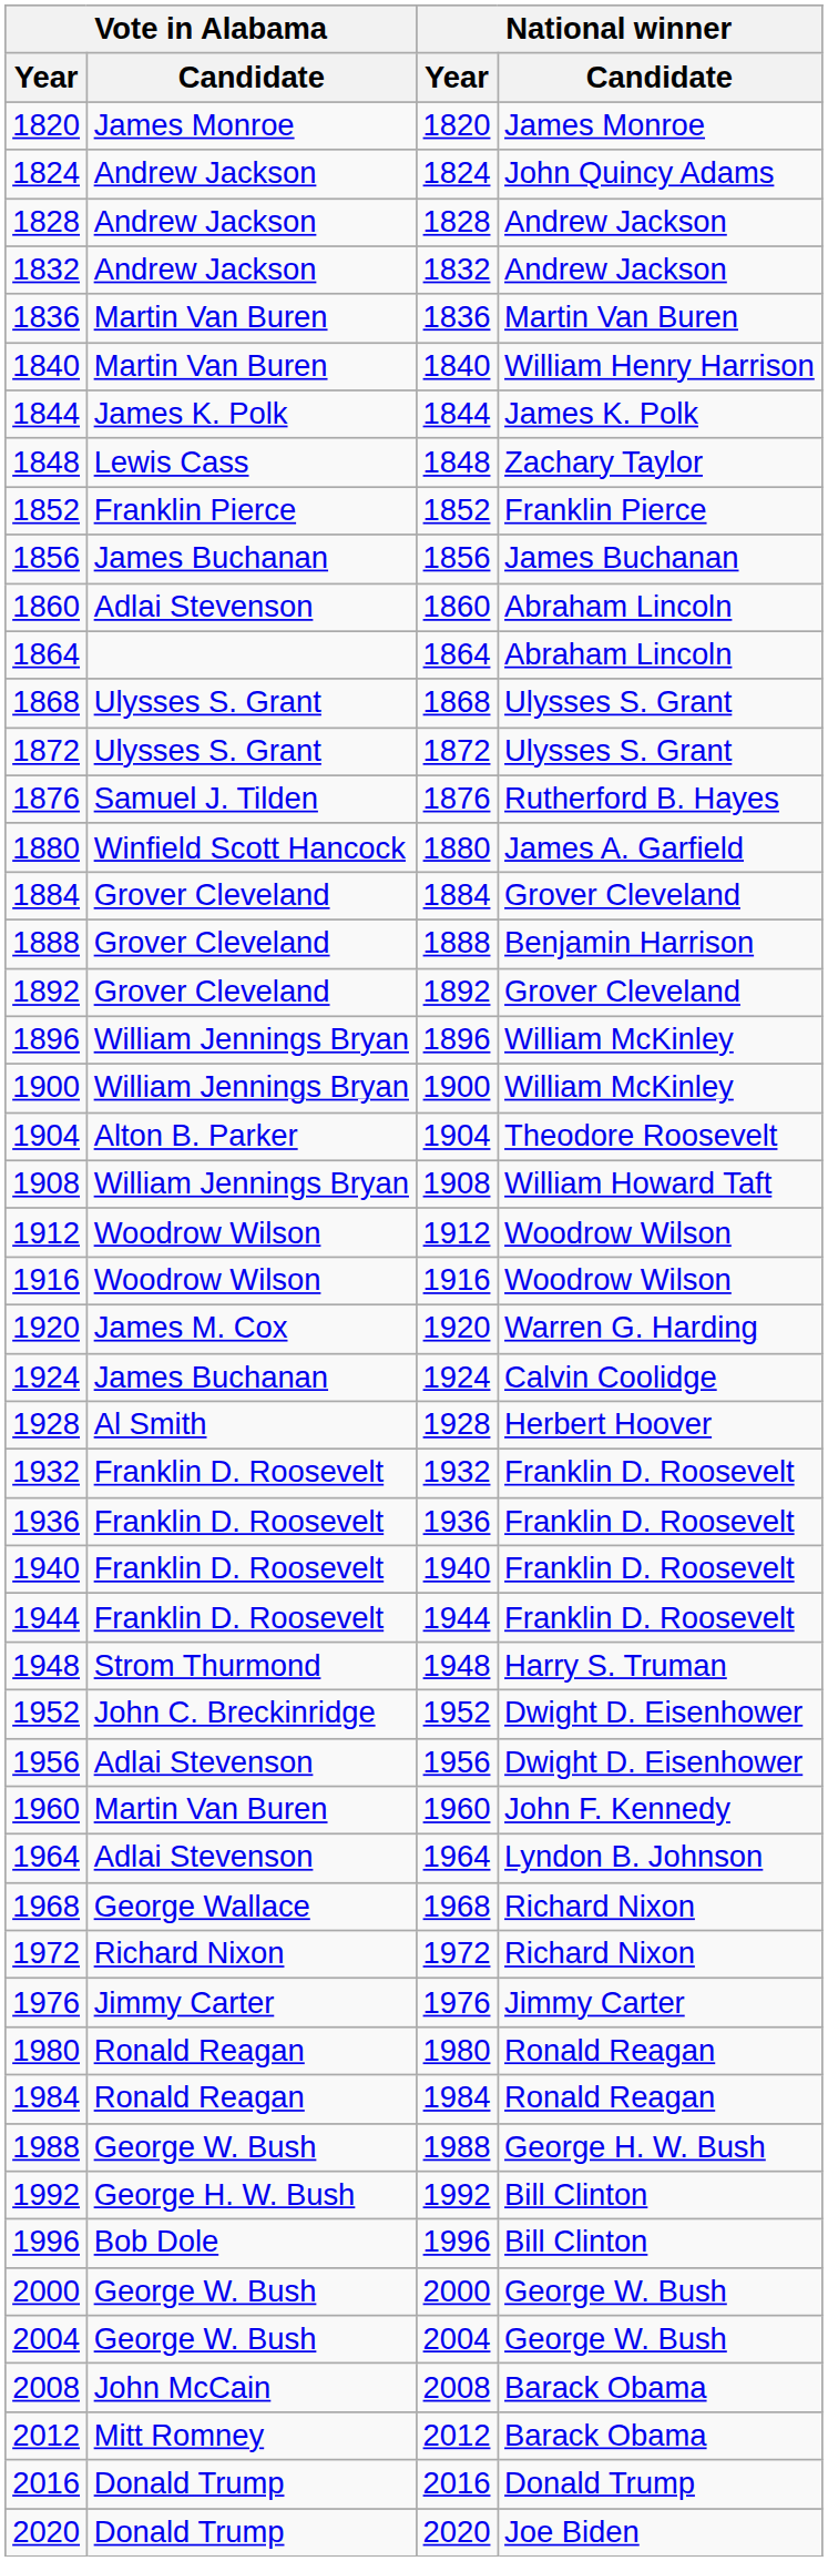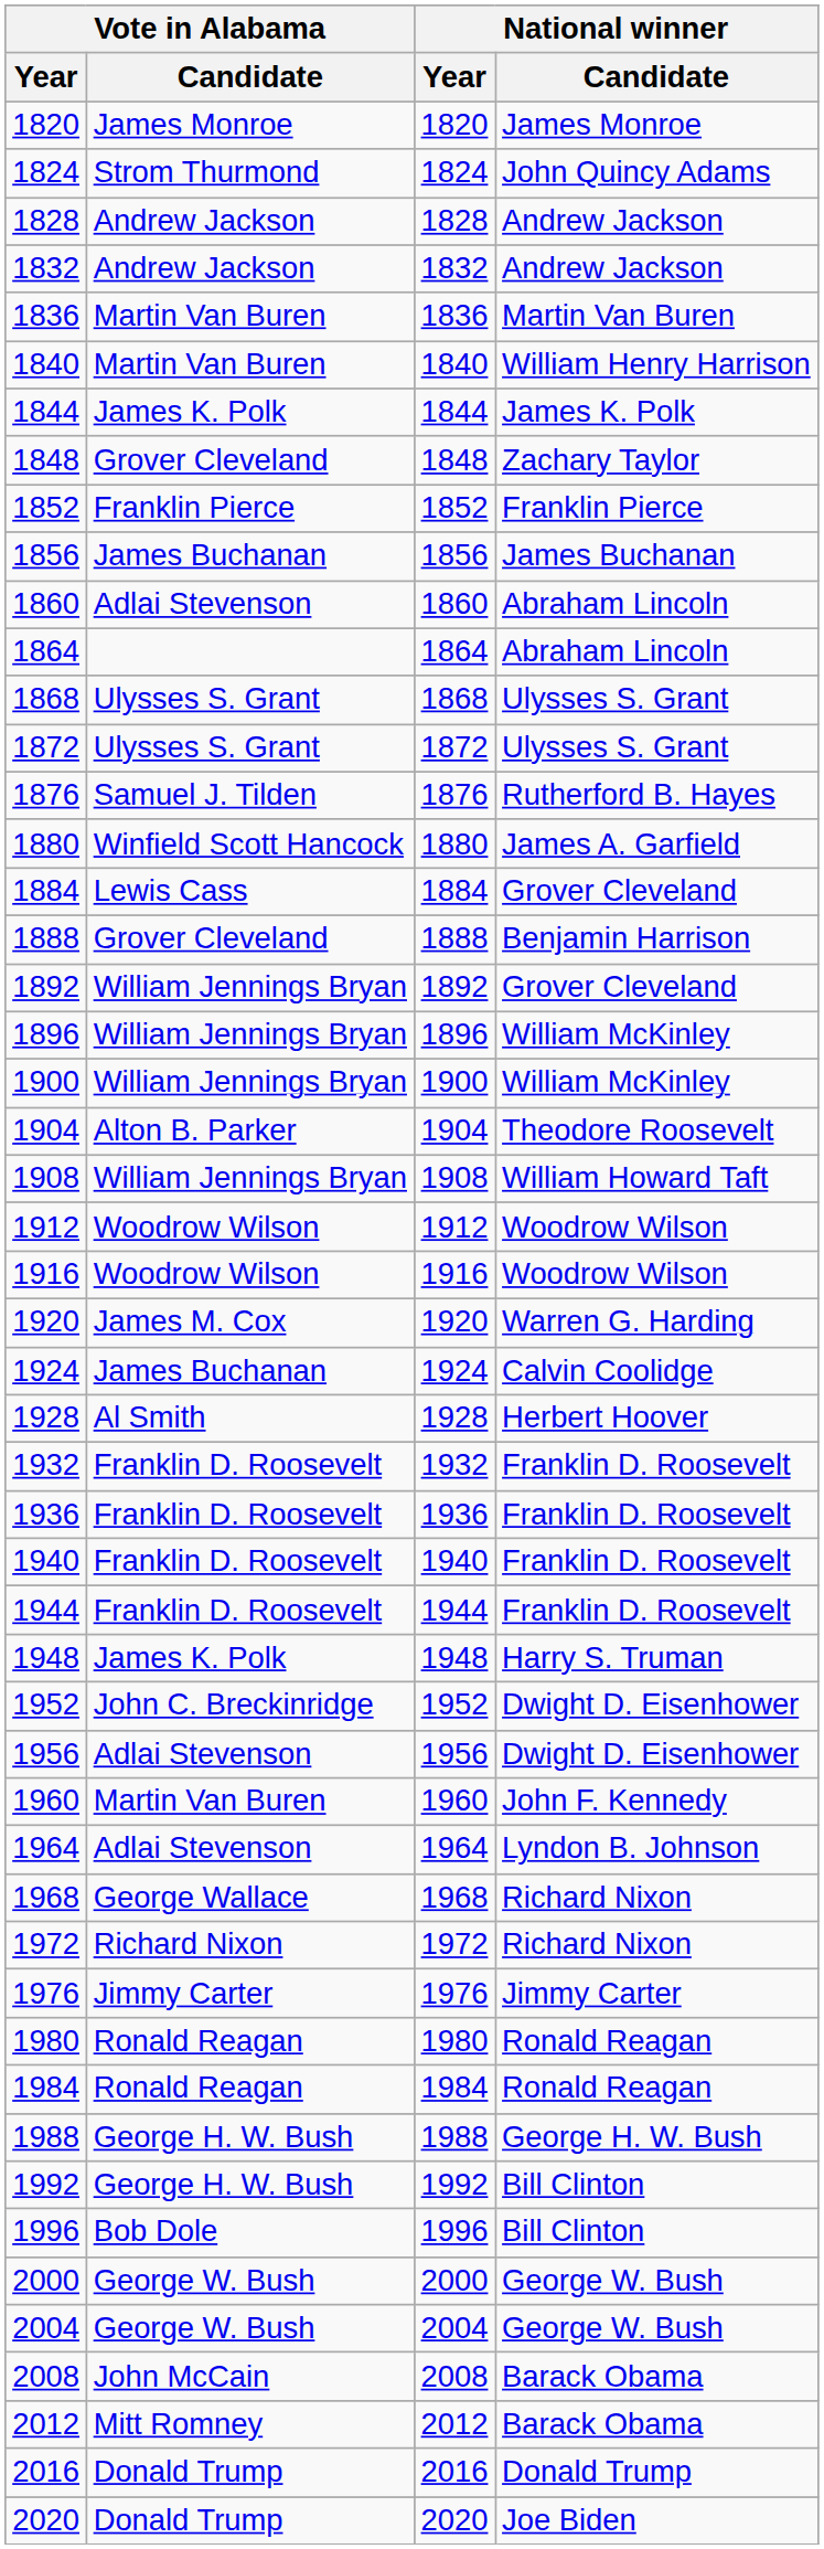 <table class="wikitable">
 <tr>
 <th colspan=2>Vote in Alabama</th>
 <th colspan=2>National winner</th>
 </tr>
 <tr>
 <th>Year</th>
 <th>Candidate</th>
 <th>Year</th>
 <th>Candidate</th>
 </tr>
 <tr>
 <td><a href='#'>1820</a></td>
 <td><a href='#'>James Monroe</a></td>
 <td><a href='#'>1820</a></td>
 <td><a href='#'>James Monroe</a></td>
 </tr>
 <tr>
 <td><a href='#'>1824</a></td>
-<td><a href='#'>Andrew Jackson</a></td>
+<td><a href='#'>Strom Thurmond</a></td>
 <td><a href='#'>1824</a></td>
 <td><a href='#'>John Quincy Adams</a></td>
 </tr>
 <tr>
 <td><a href='#'>1828</a></td>
 <td><a href='#'>Andrew Jackson</a></td>
 <td><a href='#'>1828</a></td>
 <td><a href='#'>Andrew Jackson</a></td>
 </tr>
 <tr>
 <td><a href='#'>1832</a></td>
 <td><a href='#'>Andrew Jackson</a></td>
 <td><a href='#'>1832</a></td>
 <td><a href='#'>Andrew Jackson</a></td>
 </tr>
 <tr>
 <td><a href='#'>1836</a></td>
 <td><a href='#'>Martin Van Buren</a></td>
 <td><a href='#'>1836</a></td>
 <td><a href='#'>Martin Van Buren</a></td>
 </tr>
 <tr>
 <td><a href='#'>1840</a></td>
 <td><a href='#'>Martin Van Buren</a></td>
 <td><a href='#'>1840</a></td>
 <td><a href='#'>William Henry Harrison</a></td>
 </tr>
 <tr>
 <td><a href='#'>1844</a></td>
 <td><a href='#'>James K. Polk</a></td>
 <td><a href='#'>1844</a></td>
 <td><a href='#'>James K. Polk</a></td>
 </tr>
 <tr>
 <td><a href='#'>1848</a></td>
-<td><a href='#'>Lewis Cass</a></td>
+<td><a href='#'>Grover Cleveland</a></td>
 <td><a href='#'>1848</a></td>
 <td><a href='#'>Zachary Taylor</a></td>
 </tr>
 <tr>
 <td><a href='#'>1852</a></td>
 <td><a href='#'>Franklin Pierce</a></td>
 <td><a href='#'>1852</a></td>
 <td><a href='#'>Franklin Pierce</a></td>
 </tr>
 <tr>
 <td><a href='#'>1856</a></td>
 <td><a href='#'>James Buchanan</a></td>
 <td><a href='#'>1856</a></td>
 <td><a href='#'>James Buchanan</a></td>
 </tr>
 <tr>
 <td><a href='#'>1860</a></td>
 <td><a href='#'>Adlai Stevenson</a></td>
 <td><a href='#'>1860</a></td>
 <td><a href='#'>Abraham Lincoln</a></td>
 </tr>
 <tr>
 <td><a href='#'>1864</a></td>
 <td></td>
 <td><a href='#'>1864</a></td>
 <td><a href='#'>Abraham Lincoln</a></td>
 </tr>
 <tr>
 <td><a href='#'>1868</a></td>
 <td><a href='#'>Ulysses S. Grant</a></td>
 <td><a href='#'>1868</a></td>
 <td><a href='#'>Ulysses S. Grant</a></td>
 </tr>
 <tr>
 <td><a href='#'>1872</a></td>
 <td><a href='#'>Ulysses S. Grant</a></td>
 <td><a href='#'>1872</a></td>
 <td><a href='#'>Ulysses S. Grant</a></td>
 </tr>
 <tr>
 <td><a href='#'>1876</a></td>
 <td><a href='#'>Samuel J. Tilden</a></td>
 <td><a href='#'>1876</a></td>
 <td><a href='#'>Rutherford B. Hayes</a></td>
 </tr>
 <tr>
 <td><a href='#'>1880</a></td>
 <td><a href='#'>Winfield Scott Hancock</a></td>
 <td><a href='#'>1880</a></td>
 <td><a href='#'>James A. Garfield</a></td>
 </tr>
 <tr>
 <td><a href='#'>1884</a></td>
-<td><a href='#'>Grover Cleveland</a></td>
+<td><a href='#'>Lewis Cass</a></td>
 <td><a href='#'>1884</a></td>
 <td><a href='#'>Grover Cleveland</a></td>
 </tr>
 <tr>
 <td><a href='#'>1888</a></td>
 <td><a href='#'>Grover Cleveland</a></td>
 <td><a href='#'>1888</a></td>
 <td><a href='#'>Benjamin Harrison</a></td>
 </tr>
 <tr>
 <td><a href='#'>1892</a></td>
-<td><a href='#'>Grover Cleveland</a></td>
+<td><a href='#'>William Jennings Bryan</a></td>
 <td><a href='#'>1892</a></td>
 <td><a href='#'>Grover Cleveland</a></td>
 </tr>
 <tr>
 <td><a href='#'>1896</a></td>
 <td><a href='#'>William Jennings Bryan</a></td>
 <td><a href='#'>1896</a></td>
 <td><a href='#'>William McKinley</a></td>
 </tr>
 <tr>
 <td><a href='#'>1900</a></td>
 <td><a href='#'>William Jennings Bryan</a></td>
 <td><a href='#'>1900</a></td>
 <td><a href='#'>William McKinley</a></td>
 </tr>
 <tr>
 <td><a href='#'>1904</a></td>
 <td><a href='#'>Alton B. Parker</a></td>
 <td><a href='#'>1904</a></td>
 <td><a href='#'>Theodore Roosevelt</a></td>
 </tr>
 <tr>
 <td><a href='#'>1908</a></td>
 <td><a href='#'>William Jennings Bryan</a></td>
 <td><a href='#'>1908</a></td>
 <td><a href='#'>William Howard Taft</a></td>
 </tr>
 <tr>
 <td><a href='#'>1912</a></td>
 <td><a href='#'>Woodrow Wilson</a></td>
 <td><a href='#'>1912</a></td>
 <td><a href='#'>Woodrow Wilson</a></td>
 </tr>
 <tr>
 <td><a href='#'>1916</a></td>
 <td><a href='#'>Woodrow Wilson</a></td>
 <td><a href='#'>1916</a></td>
 <td><a href='#'>Woodrow Wilson</a></td>
 </tr>
 <tr>
 <td><a href='#'>1920</a></td>
 <td><a href='#'>James M. Cox</a></td>
 <td><a href='#'>1920</a></td>
 <td><a href='#'>Warren G. Harding</a></td>
 </tr>
 <tr>
 <td><a href='#'>1924</a></td>
 <td><a href='#'>James Buchanan</a></td>
 <td><a href='#'>1924</a></td>
 <td><a href='#'>Calvin Coolidge</a></td>
 </tr>
 <tr>
 <td><a href='#'>1928</a></td>
 <td><a href='#'>Al Smith</a></td>
 <td><a href='#'>1928</a></td>
 <td><a href='#'>Herbert Hoover</a></td>
 </tr>
 <tr>
 <td><a href='#'>1932</a></td>
 <td><a href='#'>Franklin D. Roosevelt</a></td>
 <td><a href='#'>1932</a></td>
 <td><a href='#'>Franklin D. Roosevelt</a></td>
 </tr>
 <tr>
 <td><a href='#'>1936</a></td>
 <td><a href='#'>Franklin D. Roosevelt</a></td>
 <td><a href='#'>1936</a></td>
 <td><a href='#'>Franklin D. Roosevelt</a></td>
 </tr>
 <tr>
 <td><a href='#'>1940</a></td>
 <td><a href='#'>Franklin D. Roosevelt</a></td>
 <td><a href='#'>1940</a></td>
 <td><a href='#'>Franklin D. Roosevelt</a></td>
 </tr>
 <tr>
 <td><a href='#'>1944</a></td>
 <td><a href='#'>Franklin D. Roosevelt</a></td>
 <td><a href='#'>1944</a></td>
 <td><a href='#'>Franklin D. Roosevelt</a></td>
 </tr>
 <tr>
 <td><a href='#'>1948</a></td>
-<td><a href='#'>Strom Thurmond</a></td>
+<td><a href='#'>James K. Polk</a></td>
 <td><a href='#'>1948</a></td>
 <td><a href='#'>Harry S. Truman</a></td>
 </tr>
 <tr>
 <td><a href='#'>1952</a></td>
 <td><a href='#'>John C. Breckinridge</a></td>
 <td><a href='#'>1952</a></td>
 <td><a href='#'>Dwight D. Eisenhower</a></td>
 </tr>
 <tr>
 <td><a href='#'>1956</a></td>
 <td><a href='#'>Adlai Stevenson</a></td>
 <td><a href='#'>1956</a></td>
 <td><a href='#'>Dwight D. Eisenhower</a></td>
 </tr>
 <tr>
 <td><a href='#'>1960</a></td>
 <td><a href='#'>Martin Van Buren</a></td>
 <td><a href='#'>1960</a></td>
 <td><a href='#'>John F. Kennedy</a></td>
 </tr>
 <tr>
 <td><a href='#'>1964</a></td>
 <td><a href='#'>Adlai Stevenson</a></td>
 <td><a href='#'>1964</a></td>
 <td><a href='#'>Lyndon B. Johnson</a></td>
 </tr>
 <tr>
 <td><a href='#'>1968</a></td>
 <td><a href='#'>George Wallace</a></td>
 <td><a href='#'>1968</a></td>
 <td><a href='#'>Richard Nixon</a></td>
 </tr>
 <tr>
 <td><a href='#'>1972</a></td>
 <td><a href='#'>Richard Nixon</a></td>
 <td><a href='#'>1972</a></td>
 <td><a href='#'>Richard Nixon</a></td>
 </tr>
 <tr>
 <td><a href='#'>1976</a></td>
 <td><a href='#'>Jimmy Carter</a></td>
 <td><a href='#'>1976</a></td>
 <td><a href='#'>Jimmy Carter</a></td>
 </tr>
 <tr>
 <td><a href='#'>1980</a></td>
 <td><a href='#'>Ronald Reagan</a></td>
 <td><a href='#'>1980</a></td>
 <td><a href='#'>Ronald Reagan</a></td>
 </tr>
 <tr>
 <td><a href='#'>1984</a></td>
 <td><a href='#'>Ronald Reagan</a></td>
 <td><a href='#'>1984</a></td>
 <td><a href='#'>Ronald Reagan</a></td>
 </tr>
 <tr>
 <td><a href='#'>1988</a></td>
-<td><a href='#'>George W. Bush</a></td>
+<td><a href='#'>George H. W. Bush</a></td>
 <td><a href='#'>1988</a></td>
 <td><a href='#'>George H. W. Bush</a></td>
 </tr>
 <tr>
 <td><a href='#'>1992</a></td>
 <td><a href='#'>George H. W. Bush</a></td>
 <td><a href='#'>1992</a></td>
 <td><a href='#'>Bill Clinton</a></td>
 </tr>
 <tr>
 <td><a href='#'>1996</a></td>
 <td><a href='#'>Bob Dole</a></td>
 <td><a href='#'>1996</a></td>
 <td><a href='#'>Bill Clinton</a></td>
 </tr>
 <tr>
 <td><a href='#'>2000</a></td>
 <td><a href='#'>George W. Bush</a></td>
 <td><a href='#'>2000</a></td>
 <td><a href='#'>George W. Bush</a></td>
 </tr>
 <tr>
 <td><a href='#'>2004</a></td>
 <td><a href='#'>George W. Bush</a></td>
 <td><a href='#'>2004</a></td>
 <td><a href='#'>George W. Bush</a></td>
 </tr>
 <tr>
 <td><a href='#'>2008</a></td>
 <td><a href='#'>John McCain</a></td>
 <td><a href='#'>2008</a></td>
 <td><a href='#'>Barack Obama</a></td>
 </tr>
 <tr>
 <td><a href='#'>2012</a></td>
 <td><a href='#'>Mitt Romney</a></td>
 <td><a href='#'>2012</a></td>
 <td><a href='#'>Barack Obama</a></td>
 </tr>
 <tr>
 <td><a href='#'>2016</a></td>
 <td><a href='#'>Donald Trump</a></td>
 <td><a href='#'>2016</a></td>
 <td><a href='#'>Donald Trump</a></td>
 </tr>
 <tr>
 <td><a href='#'>2020</a></td>
 <td><a href='#'>Donald Trump</a></td>
 <td><a href='#'>2020</a></td>
 <td><a href='#'>Joe Biden</a></td>
 </tr>
 </table>
